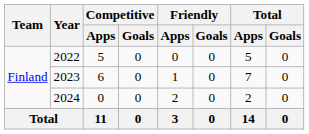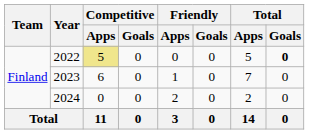 <table class="wikitable" style="text-align:center">
 <tr>
 <th rowspan=2>Team</th>
 <th rowspan=2>Year</th>
 <th colspan=2>Competitive</th>
 <th colspan=2>Friendly</th>
 <th colspan=2>Total</th>
 </tr>
 <tr>
 <th>Apps</th>
 <th>Goals</th>
 <th>Apps</th>
 <th>Goals</th>
 <th>Apps</th>
 <th>Goals</th>
 </tr>
 <tr>
 <td rowspan=3><a href='#'>Finland</a></td>
 <td>2022</td>
-<td>5</td>
+<td style="background: khaki;">5</td>
 <td>0</td>
 <td>0</td>
 <td>0</td>
 <td>5</td>
-<td>0</td>
+<td><strong>0</strong></td>
 </tr>
 <tr>
 <td>2023</td>
 <td>6</td>
 <td>0</td>
 <td>1</td>
 <td>0</td>
 <td>7</td>
 <td>0</td>
 </tr>
 <tr>
 <td>2024</td>
 <td>0</td>
 <td>0</td>
 <td>2</td>
 <td>0</td>
 <td>2</td>
 <td>0</td>
 </tr>
 <tr>
 <th colspan=2>Total</th>
 <th>11</th>
 <th>0</th>
 <th>3</th>
 <th>0</th>
 <th>14</th>
 <th>0</th>
 </tr>
 </table>
